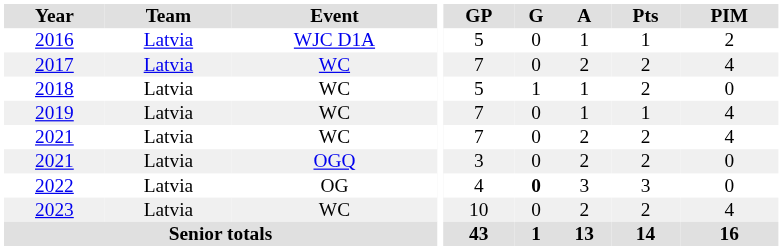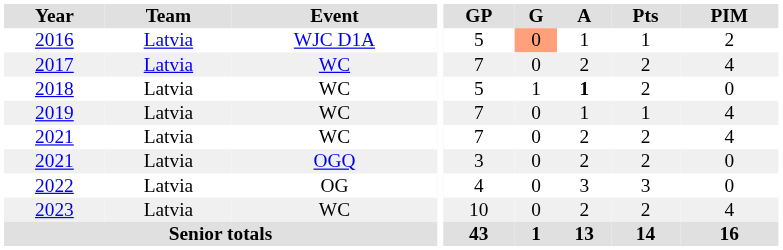 <table border="0" cellpadding="1" cellspacing="0" ID="Table3" style="text-align:center; width:40em;">
 <tr ALIGN="center" bgcolor="#e0e0e0">
 <th>Year</th>
 <th>Team</th>
 <th>Event</th>
 <th rowspan="99" bgcolor="#ffffff"></th>
 <th>GP</th>
 <th>G</th>
 <th>A</th>
 <th>Pts</th>
 <th>PIM</th>
 </tr>
 <tr>
 <td><a href='#'>2016</a></td>
 <td><a href='#'>Latvia</a></td>
 <td><a href='#'>WJC D1A</a></td>
 <td>5</td>
-<td>0</td>
+<td style="background: lightsalmon;">0</td>
 <td>1</td>
 <td>1</td>
 <td>2</td>
 </tr>
 <tr bgcolor="#f0f0f0">
 <td><a href='#'>2017</a></td>
 <td><a href='#'>Latvia</a></td>
 <td><a href='#'>WC</a></td>
 <td>7</td>
 <td>0</td>
 <td>2</td>
 <td>2</td>
 <td>4</td>
 </tr>
 <tr>
 <td><a href='#'>2018</a></td>
 <td>Latvia</td>
 <td>WC</td>
 <td>5</td>
 <td>1</td>
-<td>1</td>
+<td><strong>1</strong></td>
 <td>2</td>
 <td>0</td>
 </tr>
 <tr bgcolor="#f0f0f0">
 <td><a href='#'>2019</a></td>
 <td>Latvia</td>
 <td>WC</td>
 <td>7</td>
 <td>0</td>
 <td>1</td>
 <td>1</td>
 <td>4</td>
 </tr>
 <tr>
 <td><a href='#'>2021</a></td>
 <td>Latvia</td>
 <td>WC</td>
 <td>7</td>
 <td>0</td>
 <td>2</td>
 <td>2</td>
 <td>4</td>
 </tr>
 <tr bgcolor="#f0f0f0">
 <td><a href='#'>2021</a></td>
 <td>Latvia</td>
 <td><a href='#'>OGQ</a></td>
 <td>3</td>
 <td>0</td>
 <td>2</td>
 <td>2</td>
 <td>0</td>
 </tr>
 <tr>
 <td><a href='#'>2022</a></td>
 <td>Latvia</td>
 <td>OG</td>
 <td>4</td>
-<td><strong>0</strong></td>
+<td>0</td>
 <td>3</td>
 <td>3</td>
 <td>0</td>
 </tr>
 <tr bgcolor="#f0f0f0">
 <td><a href='#'>2023</a></td>
 <td>Latvia</td>
 <td>WC</td>
 <td>10</td>
 <td>0</td>
 <td>2</td>
 <td>2</td>
 <td>4</td>
 </tr>
 <tr bgcolor="#e0e0e0">
 <th colspan="3">Senior totals</th>
 <th>43</th>
 <th>1</th>
 <th>13</th>
 <th>14</th>
 <th>16</th>
 </tr>
 </table>
